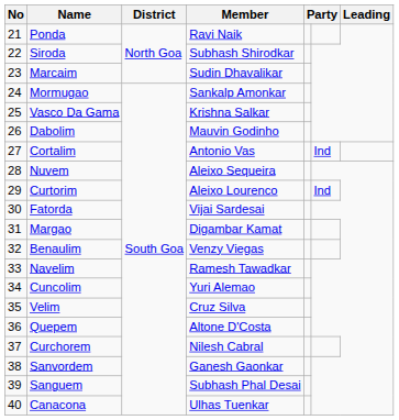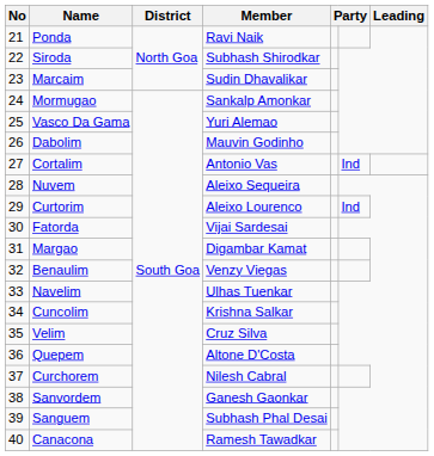 <table class="wikitable">
 <tr>
 <th>No</th>
 <th>Name</th>
 <th>District</th>
 <th>Member</th>
 <th colspan="2">Party</th>
 <th colspan="2">Leading<br></th>
 </tr>
 <tr>
 <td>21</td>
 <td><a href='#'>Ponda</a></td>
 <td rowspan="3"><a href='#'>North Goa</a></td>
 <td><a href='#'>Ravi Naik</a></td>
 <td></td>
 <td></td>
 </tr>
 <tr>
 <td>22</td>
 <td><a href='#'>Siroda</a></td>
 <td><a href='#'>Subhash Shirodkar</a></td>
 <td></td>
 </tr>
 <tr>
 <td>23</td>
 <td><a href='#'>Marcaim</a></td>
 <td><a href='#'>Sudin Dhavalikar</a></td>
 <td></td>
 </tr>
 <tr>
 <td>24</td>
 <td><a href='#'>Mormugao</a></td>
 <td rowspan="17"><a href='#'>South Goa</a></td>
 <td><a href='#'>Sankalp Amonkar</a></td>
 <td></td>
 </tr>
 <tr>
 <td>25</td>
 <td><a href='#'>Vasco Da Gama</a></td>
-<td><a href='#'>Krishna Salkar</a></td>
+<td><a href='#'>Yuri Alemao</a></td>
 <td></td>
 </tr>
 <tr>
 <td>26</td>
 <td><a href='#'>Dabolim</a></td>
 <td><a href='#'>Mauvin Godinho</a></td>
 <td></td>
 </tr>
 <tr>
 <td>27</td>
 <td><a href='#'>Cortalim</a></td>
 <td><a href='#'>Antonio Vas</a></td>
 <td style="background-color: "></td>
 <td><a href='#'>Ind</a></td>
 <td></td>
 </tr>
 <tr>
 <td>28</td>
 <td><a href='#'>Nuvem</a></td>
 <td><a href='#'>Aleixo Sequeira</a></td>
 <td></td>
 </tr>
 <tr>
 <td>29</td>
 <td><a href='#'>Curtorim</a></td>
 <td><a href='#'>Aleixo Lourenco</a></td>
 <td style="background-color: "></td>
 <td><a href='#'>Ind</a></td>
 </tr>
 <tr>
 <td>30</td>
 <td><a href='#'>Fatorda</a></td>
 <td><a href='#'>Vijai Sardesai</a></td>
 <td></td>
 </tr>
 <tr>
 <td>31</td>
 <td><a href='#'>Margao</a></td>
 <td><a href='#'>Digambar Kamat</a></td>
 <td></td>
 <td></td>
 </tr>
 <tr>
 <td>32</td>
 <td><a href='#'>Benaulim</a></td>
 <td><a href='#'>Venzy Viegas</a></td>
 <td></td>
 <td></td>
 </tr>
 <tr>
 <td>33</td>
 <td><a href='#'>Navelim</a></td>
-<td><a href='#'>Ramesh Tawadkar</a></td>
+<td><a href='#'>Ulhas Tuenkar</a></td>
 <td></td>
 </tr>
 <tr>
 <td>34</td>
 <td><a href='#'>Cuncolim</a></td>
-<td><a href='#'>Yuri Alemao</a></td>
+<td><a href='#'>Krishna Salkar</a></td>
 <td></td>
 </tr>
 <tr>
 <td>35</td>
 <td><a href='#'>Velim</a></td>
 <td><a href='#'>Cruz Silva</a></td>
 <td></td>
 </tr>
 <tr>
 <td>36</td>
 <td><a href='#'>Quepem</a></td>
 <td><a href='#'>Altone D'Costa</a></td>
 <td></td>
 </tr>
 <tr>
 <td>37</td>
 <td><a href='#'>Curchorem</a></td>
 <td><a href='#'>Nilesh Cabral</a></td>
 <td></td>
 <td></td>
 </tr>
 <tr>
 <td>38</td>
 <td><a href='#'>Sanvordem</a></td>
 <td><a href='#'>Ganesh Gaonkar</a></td>
 <td></td>
 </tr>
 <tr>
 <td>39</td>
 <td><a href='#'>Sanguem</a></td>
 <td><a href='#'>Subhash Phal Desai</a></td>
 <td></td>
 </tr>
 <tr>
 <td>40</td>
 <td><a href='#'>Canacona</a></td>
-<td><a href='#'>Ulhas Tuenkar</a></td>
+<td><a href='#'>Ramesh Tawadkar</a></td>
 <td></td>
 </tr>
 </table>
